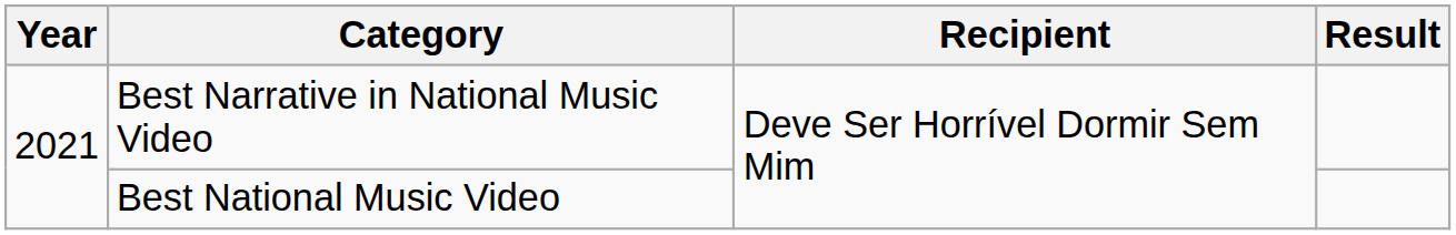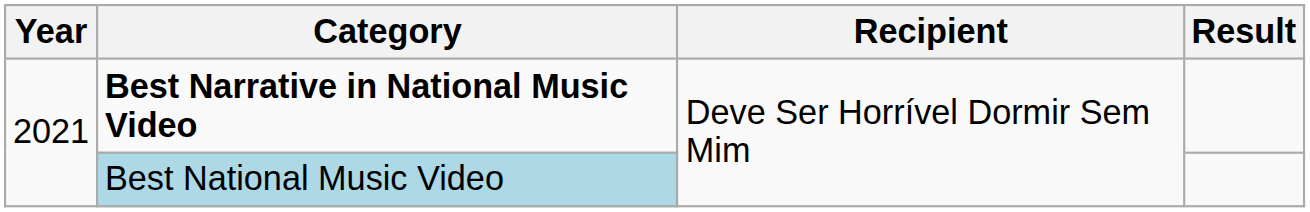 <table class="wikitable">
 <tr>
 <th>Year</th>
 <th>Category</th>
 <th>Recipient</th>
 <th>Result</th>
 </tr>
 <tr>
 <td rowspan=2>2021</td>
-<td>Best Narrative in National Music Video</td>
+<td><strong>Best Narrative in National Music Video</strong></td>
 <td rowspan=2>Deve Ser Horrível Dormir Sem Mim</td>
 <td></td>
 </tr>
 <tr>
-<td>Best National Music Video</td>
+<td style="background: lightblue;">Best National Music Video</td>
 <td></td>
 </tr>
 </table>
